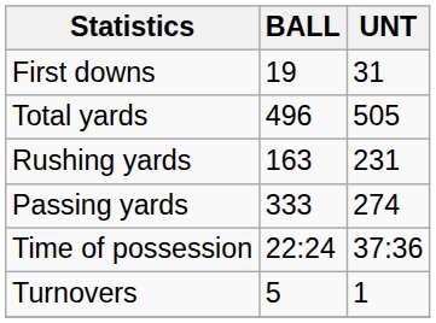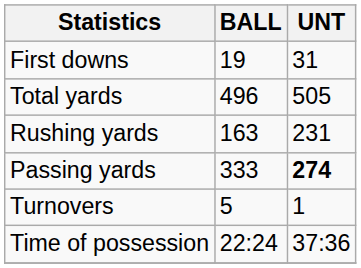 <table class="wikitable" style="float: left;">
 <tr>
 <th>Statistics</th>
 <th>BALL</th>
 <th>UNT</th>
 </tr>
 <tr>
 <td>First downs</td>
 <td>19</td>
 <td>31</td>
 </tr>
 <tr>
 <td>Total yards</td>
 <td>496</td>
 <td>505</td>
 </tr>
 <tr>
 <td>Rushing yards</td>
 <td>163</td>
 <td>231</td>
 </tr>
 <tr>
 <td>Passing yards</td>
 <td>333</td>
-<td>274</td>
+<td><strong>274</strong></td>
+</tr>
+<tr>
+<td>Turnovers</td>
+<td>5</td>
+<td>1</td>
 </tr>
 <tr>
 <td>Time of possession</td>
 <td>22:24</td>
 <td>37:36</td>
 </tr>
 <tr>
-<td>Turnovers</td>
-<td>5</td>
-<td>1</td>
-</tr>
-<tr>
 </tr>
 </table>
